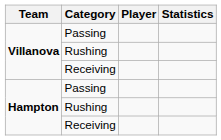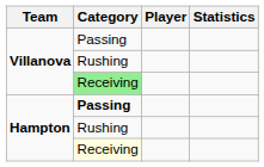 <table class="wikitable" style="float: right;">
 <tr>
 <th>Team</th>
 <th>Category</th>
 <th>Player</th>
 <th>Statistics</th>
 </tr>
 <tr>
 <td rowspan=3><strong>Villanova</strong></td>
 <td>Passing</td>
 <td></td>
 <td></td>
 </tr>
 <tr>
 <td>Rushing</td>
 <td></td>
 <td></td>
 </tr>
 <tr>
-<td>Receiving</td>
+<td style="background: lightgreen;">Receiving</td>
 <td></td>
 <td></td>
 </tr>
 <tr>
 <td rowspan=3><strong>Hampton</strong></td>
-<td>Passing</td>
+<td><strong>Passing</strong></td>
 <td></td>
 <td></td>
 </tr>
 <tr>
 <td>Rushing</td>
 <td></td>
 <td></td>
 </tr>
 <tr>
-<td>Receiving</td>
+<td style="background: lightyellow;">Receiving</td>
 <td></td>
 <td></td>
 </tr>
 </table>
